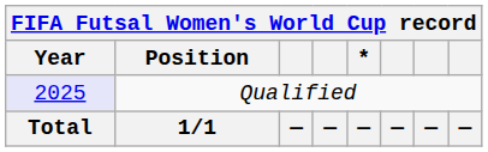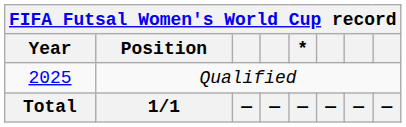 <table class="wikitable" style="text-align: center;">
 <tr>
 <th colspan="8"><a href='#'>FIFA Futsal Women's World Cup</a> record</th>
 </tr>
 <tr>
 <th>Year</th>
 <th>Position</th>
 <th></th>
 <th></th>
 <th>*</th>
 <th></th>
 <th></th>
 <th></th>
 </tr>
 <tr>
-<td style="background: lavender;"> <a href='#'>2025</a></td>
+<td> <a href='#'>2025</a></td>
 <td colspan="7"><em>Qualified</em></td>
 </tr>
 <tr>
 <th>Total</th>
 <th>1/1</th>
 <th>—</th>
 <th>—</th>
 <th>—</th>
 <th>—</th>
 <th>—</th>
 <th>—</th>
 </tr>
 </table>
